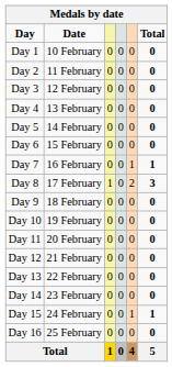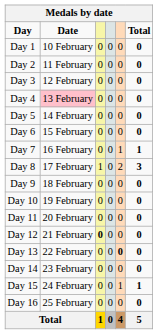 <table class=wikitable style="font-size:85%;float:right;clear:right;text-align:center;">
 <tr bgcolor=efefef>
 <th colspan=6>Medals by date</th>
 </tr>
 <tr>
 <td><strong>Day</strong></td>
 <td><strong>Date</strong></td>
 <td bgcolor=#f7f6a8></td>
 <td bgcolor=#dce5e5></td>
 <td bgcolor=#ffdab9></td>
 <td><strong>Total</strong></td>
 </tr>
 <tr>
 <td>Day 1</td>
 <td>10 February</td>
 <td bgcolor=F7F6A8>0</td>
 <td bgcolor=DCE5E5>0</td>
 <td bgcolor=FFDAB9>0</td>
 <td><strong>0</strong></td>
 </tr>
 <tr>
 <td>Day 2</td>
 <td>11 February</td>
 <td bgcolor=F7F6A8>0</td>
 <td bgcolor=DCE5E5>0</td>
 <td bgcolor=FFDAB9>0</td>
 <td><strong>0</strong></td>
 </tr>
 <tr>
 <td>Day 3</td>
 <td>12 February</td>
 <td bgcolor=F7F6A8>0</td>
 <td bgcolor=DCE5E5>0</td>
 <td bgcolor=FFDAB9>0</td>
 <td><strong>0</strong></td>
 </tr>
 <tr>
 <td>Day 4</td>
-<td>13 February</td>
+<td style="background: pink;">13 February</td>
 <td bgcolor=F7F6A8>0</td>
 <td bgcolor=DCE5E5>0</td>
 <td bgcolor=FFDAB9>0</td>
 <td><strong>0</strong></td>
 </tr>
 <tr>
 <td>Day 5</td>
 <td>14 February</td>
 <td bgcolor=F7F6A8>0</td>
 <td bgcolor=DCE5E5>0</td>
 <td bgcolor=FFDAB9>0</td>
 <td><strong>0</strong></td>
 </tr>
 <tr>
 <td>Day 6</td>
 <td>15 February</td>
 <td bgcolor=F7F6A8>0</td>
 <td bgcolor=DCE5E5>0</td>
 <td bgcolor=FFDAB9>0</td>
 <td><strong>0</strong></td>
 </tr>
 <tr>
 <td>Day 7</td>
 <td>16 February</td>
 <td bgcolor=F7F6A8>0</td>
 <td bgcolor=DCE5E5>0</td>
 <td bgcolor=FFDAB9>1</td>
 <td><strong>1</strong></td>
 </tr>
 <tr>
 <td>Day 8</td>
 <td>17 February</td>
 <td bgcolor=F7F6A8>1</td>
 <td bgcolor=DCE5E5>0</td>
 <td bgcolor=FFDAB9>2</td>
 <td><strong>3</strong></td>
 </tr>
 <tr>
 <td>Day 9</td>
 <td>18 February</td>
 <td bgcolor=F7F6A8>0</td>
 <td bgcolor=DCE5E5>0</td>
 <td bgcolor=FFDAB9>0</td>
 <td><strong>0</strong></td>
 </tr>
 <tr>
 <td>Day 10</td>
 <td>19 February</td>
 <td bgcolor=F7F6A8>0</td>
 <td bgcolor=DCE5E5>0</td>
 <td bgcolor=FFDAB9>0</td>
 <td><strong>0</strong></td>
 </tr>
 <tr>
 <td>Day 11</td>
 <td>20 February</td>
 <td bgcolor=F7F6A8>0</td>
 <td bgcolor=DCE5E5>0</td>
 <td bgcolor=FFDAB9>0</td>
 <td><strong>0</strong></td>
 </tr>
 <tr>
 <td>Day 12</td>
 <td>21 February</td>
-<td bgcolor=F7F6A8>0</td>
+<td bgcolor=F7F6A8><strong>0</strong></td>
 <td bgcolor=DCE5E5>0</td>
 <td bgcolor=FFDAB9>0</td>
 <td><strong>0</strong></td>
 </tr>
 <tr>
 <td>Day 13</td>
 <td>22 February</td>
 <td bgcolor=F7F6A8>0</td>
 <td bgcolor=DCE5E5>0</td>
-<td bgcolor=FFDAB9>0</td>
+<td bgcolor=FFDAB9><strong>0</strong></td>
 <td><strong>0</strong></td>
 </tr>
 <tr>
 <td>Day 14</td>
 <td>23 February</td>
 <td bgcolor=F7F6A8>0</td>
 <td bgcolor=DCE5E5>0</td>
 <td bgcolor=FFDAB9>0</td>
 <td><strong>0</strong></td>
 </tr>
 <tr>
 <td>Day 15</td>
 <td>24 February</td>
 <td bgcolor=F7F6A8>0</td>
 <td bgcolor=DCE5E5>0</td>
 <td bgcolor=FFDAB9>1</td>
 <td><strong>1</strong></td>
 </tr>
 <tr>
 <td>Day 16</td>
 <td>25 February</td>
 <td bgcolor=F7F6A8>0</td>
 <td bgcolor=DCE5E5>0</td>
 <td bgcolor=FFDAB9>0</td>
 <td><strong>0</strong></td>
 </tr>
 <tr>
 <th colspan=2>Total</th>
 <th style="background:gold">1</th>
 <th style="background:silver">0</th>
 <th style="background:#c96">4</th>
 <th>5</th>
 </tr>
 </table>
